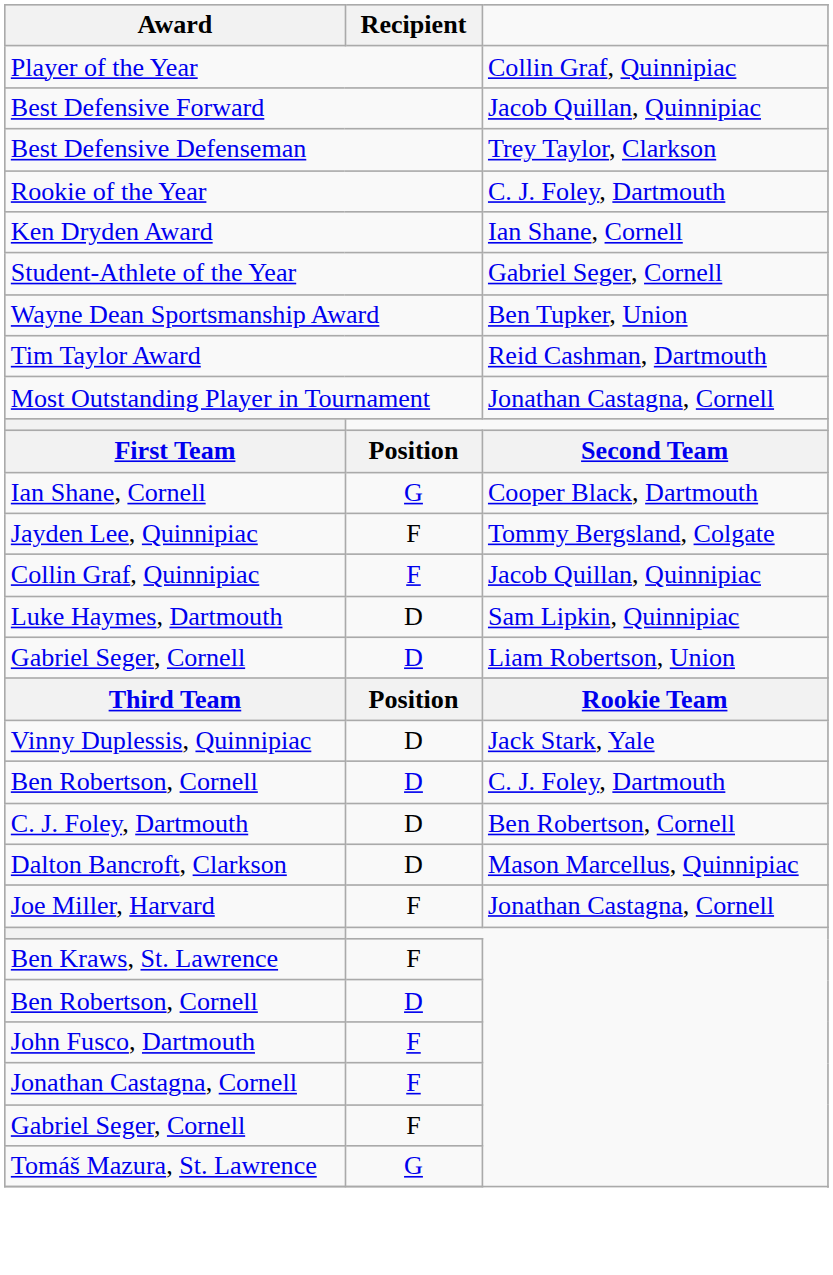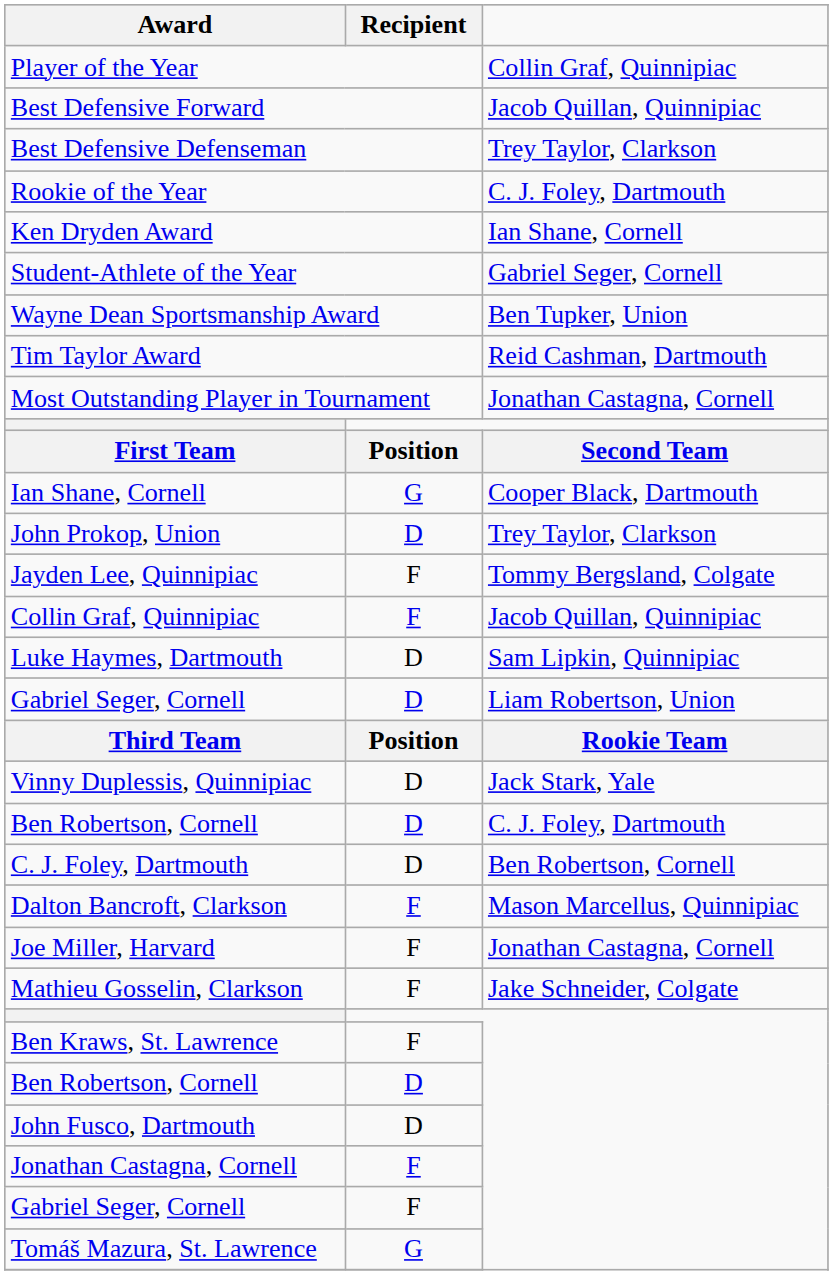 <table class="wikitable" width=40%>
 <tr>
 <th>Award</th>
 <th>Recipient</th>
 </tr>
 <tr>
 <td colspan=2><a href='#'>Player of the Year</a></td>
 <td><a href='#'>Collin Graf</a>, <a href='#'>Quinnipiac</a></td>
 </tr>
 <tr>
 <td colspan=2><a href='#'>Best Defensive Forward</a></td>
 <td><a href='#'>Jacob Quillan</a>, <a href='#'>Quinnipiac</a></td>
 </tr>
 <tr>
 <td colspan=2><a href='#'>Best Defensive Defenseman</a></td>
 <td><a href='#'>Trey Taylor</a>, <a href='#'>Clarkson</a></td>
 </tr>
 <tr>
 <td colspan=2><a href='#'>Rookie of the Year</a></td>
 <td><a href='#'>C. J. Foley</a>, <a href='#'>Dartmouth</a></td>
 </tr>
 <tr>
 <td colspan=2><a href='#'>Ken Dryden Award</a></td>
 <td><a href='#'>Ian Shane</a>, <a href='#'>Cornell</a></td>
 </tr>
 <tr>
 <td colspan=2><a href='#'>Student-Athlete of the Year</a></td>
 <td><a href='#'>Gabriel Seger</a>, <a href='#'>Cornell</a></td>
 </tr>
 <tr>
 <td colspan=2><a href='#'>Wayne Dean Sportsmanship Award</a></td>
 <td><a href='#'>Ben Tupker</a>, <a href='#'>Union</a></td>
 </tr>
 <tr>
 <td colspan=2><a href='#'>Tim Taylor Award</a></td>
 <td><a href='#'>Reid Cashman</a>, <a href='#'>Dartmouth</a></td>
 </tr>
 <tr>
 <td colspan=2><a href='#'>Most Outstanding Player in Tournament</a></td>
 <td><a href='#'>Jonathan Castagna</a>, <a href='#'>Cornell</a></td>
 </tr>
 <tr>
 <th><a href='#'></a></th>
 </tr>
 <tr>
 <th><a href='#'>First Team</a></th>
 <th>  Position  </th>
 <th><a href='#'>Second Team</a></th>
 </tr>
 <tr>
 <td><a href='#'>Ian Shane</a>, <a href='#'>Cornell</a></td>
 <td align=center><a href='#'>G</a></td>
 <td><a href='#'>Cooper Black</a>, <a href='#'>Dartmouth</a></td>
 </tr>
 <tr>
+<td><a href='#'>John Prokop</a>, <a href='#'>Union</a></td>
+<td align=center><a href='#'>D</a></td>
+<td><a href='#'>Trey Taylor</a>, <a href='#'>Clarkson</a></td>
+</tr>
+<tr>
 <td><a href='#'>Jayden Lee</a>, <a href='#'>Quinnipiac</a></td>
 <td align=center>F</td>
 <td><a href='#'>Tommy Bergsland</a>, <a href='#'>Colgate</a></td>
 </tr>
 <tr>
 <td><a href='#'>Collin Graf</a>, <a href='#'>Quinnipiac</a></td>
 <td align=center><a href='#'>F</a></td>
 <td><a href='#'>Jacob Quillan</a>, <a href='#'>Quinnipiac</a></td>
 </tr>
 <tr>
 <td><a href='#'>Luke Haymes</a>, <a href='#'>Dartmouth</a></td>
 <td align=center>D</td>
 <td><a href='#'>Sam Lipkin</a>, <a href='#'>Quinnipiac</a></td>
 </tr>
 <tr>
 <td><a href='#'>Gabriel Seger</a>, <a href='#'>Cornell</a></td>
 <td align=center><a href='#'>D</a></td>
 <td><a href='#'>Liam Robertson</a>, <a href='#'>Union</a></td>
 </tr>
 <tr>
 <th><a href='#'>Third Team</a></th>
 <th>  Position  </th>
 <th><a href='#'>Rookie Team</a></th>
 </tr>
 <tr>
 <td><a href='#'>Vinny Duplessis</a>, <a href='#'>Quinnipiac</a></td>
 <td align=center>D</td>
 <td><a href='#'>Jack Stark</a>, <a href='#'>Yale</a></td>
 </tr>
 <tr>
 <td><a href='#'>Ben Robertson</a>, <a href='#'>Cornell</a></td>
 <td align=center><a href='#'>D</a></td>
 <td><a href='#'>C. J. Foley</a>, <a href='#'>Dartmouth</a></td>
 </tr>
 <tr>
 <td><a href='#'>C. J. Foley</a>, <a href='#'>Dartmouth</a></td>
 <td align=center>D</td>
 <td><a href='#'>Ben Robertson</a>, <a href='#'>Cornell</a></td>
 </tr>
 <tr>
 <td><a href='#'>Dalton Bancroft</a>, <a href='#'>Clarkson</a></td>
-<td align=center>D</td>
+<td align=center><a href='#'>F</a></td>
 <td><a href='#'>Mason Marcellus</a>, <a href='#'>Quinnipiac</a></td>
 </tr>
 <tr>
 <td><a href='#'>Joe Miller</a>, <a href='#'>Harvard</a></td>
 <td align=center>F</td>
 <td><a href='#'>Jonathan Castagna</a>, <a href='#'>Cornell</a></td>
+</tr>
+<tr>
+<td><a href='#'>Mathieu Gosselin</a>, <a href='#'>Clarkson</a></td>
+<td align=center>F</td>
+<td><a href='#'>Jake Schneider</a>, <a href='#'>Colgate</a></td>
 </tr>
 <tr>
 <th><a href='#'></a></th>
 </tr>
 <tr>
 <td><a href='#'>Ben Kraws</a>, <a href='#'>St. Lawrence</a></td>
 <td align=center>F</td>
 </tr>
 <tr>
 <td><a href='#'>Ben Robertson</a>, <a href='#'>Cornell</a></td>
 <td align=center><a href='#'>D</a></td>
 </tr>
 <tr>
 <td><a href='#'>John Fusco</a>, <a href='#'>Dartmouth</a></td>
-<td align=center><a href='#'>F</a></td>
+<td align=center>D</td>
 </tr>
 <tr>
 <td><a href='#'>Jonathan Castagna</a>, <a href='#'>Cornell</a></td>
 <td align=center><a href='#'>F</a></td>
 </tr>
 <tr>
 <td><a href='#'>Gabriel Seger</a>, <a href='#'>Cornell</a></td>
 <td align=center>F</td>
 </tr>
 <tr>
 <td><a href='#'>Tomáš Mazura</a>, <a href='#'>St. Lawrence</a></td>
 <td align=center><a href='#'>G</a></td>
 </tr>
 <tr>
 </tr>
 </table>
